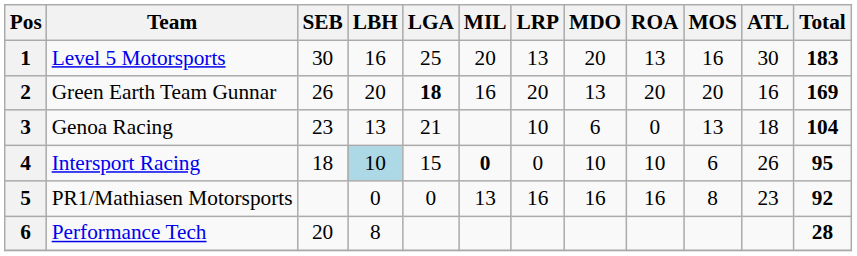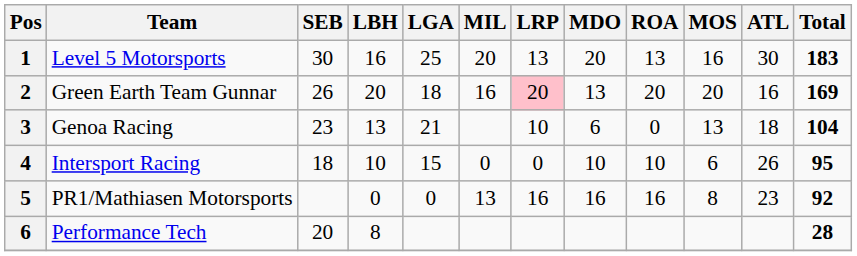 <table class="wikitable" style="font-size: 90%;">
 <tr>
 <th>Pos</th>
 <th>Team</th>
 <th>SEB</th>
 <th>LBH</th>
 <th>LGA</th>
 <th>MIL</th>
 <th>LRP</th>
 <th>MDO</th>
 <th>ROA</th>
 <th>MOS</th>
 <th>ATL</th>
 <th>Total</th>
 </tr>
 <tr>
 <th>1</th>
 <td> <a href='#'>Level 5 Motorsports</a></td>
 <td align="center">30</td>
 <td align="center">16</td>
 <td align="center">25</td>
 <td align="center">20</td>
 <td align="center">13</td>
 <td align="center">20</td>
 <td align="center">13</td>
 <td align="center">16</td>
 <td align="center">30</td>
 <td align="center"><strong>183</strong></td>
 </tr>
 <tr>
 <th>2</th>
 <td> Green Earth Team Gunnar</td>
 <td align="center">26</td>
 <td align="center">20</td>
-<td align="center"><strong>18</strong></td>
+<td align="center">18</td>
 <td align="center">16</td>
-<td align="center">20</td>
+<td align="center" style="background: pink;">20</td>
 <td align="center">13</td>
 <td align="center">20</td>
 <td align="center">20</td>
 <td align="center">16</td>
 <td align="center"><strong>169</strong></td>
 </tr>
 <tr>
 <th>3</th>
 <td> Genoa Racing</td>
 <td align="center">23</td>
 <td align="center">13</td>
 <td align="center">21</td>
 <td></td>
 <td align="center">10</td>
 <td align="center">6</td>
 <td align="center">0</td>
 <td align="center">13</td>
 <td align="center">18</td>
 <td align="center"><strong>104</strong></td>
 </tr>
 <tr>
 <th>4</th>
 <td> <a href='#'>Intersport Racing</a></td>
 <td align="center">18</td>
-<td align="center" style="background: lightblue;">10</td>
+<td align="center">10</td>
 <td align="center">15</td>
-<td align="center"><strong>0</strong></td>
+<td align="center">0</td>
 <td align="center">0</td>
 <td align="center">10</td>
 <td align="center">10</td>
 <td align="center">6</td>
 <td align="center">26</td>
 <td align="center"><strong>95</strong></td>
 </tr>
 <tr>
 <th>5</th>
 <td> PR1/Mathiasen Motorsports</td>
 <td></td>
 <td align="center">0</td>
 <td align="center">0</td>
 <td align="center">13</td>
 <td align="center">16</td>
 <td align="center">16</td>
 <td align="center">16</td>
 <td align="center">8</td>
 <td align="center">23</td>
 <td align="center"><strong>92</strong></td>
 </tr>
 <tr>
 <th>6</th>
 <td> <a href='#'>Performance Tech</a></td>
 <td align="center">20</td>
 <td align="center">8</td>
 <td></td>
 <td></td>
 <td></td>
 <td></td>
 <td></td>
 <td></td>
 <td></td>
 <td align="center"><strong>28</strong></td>
 </tr>
 <tr>
 </tr>
 </table>
